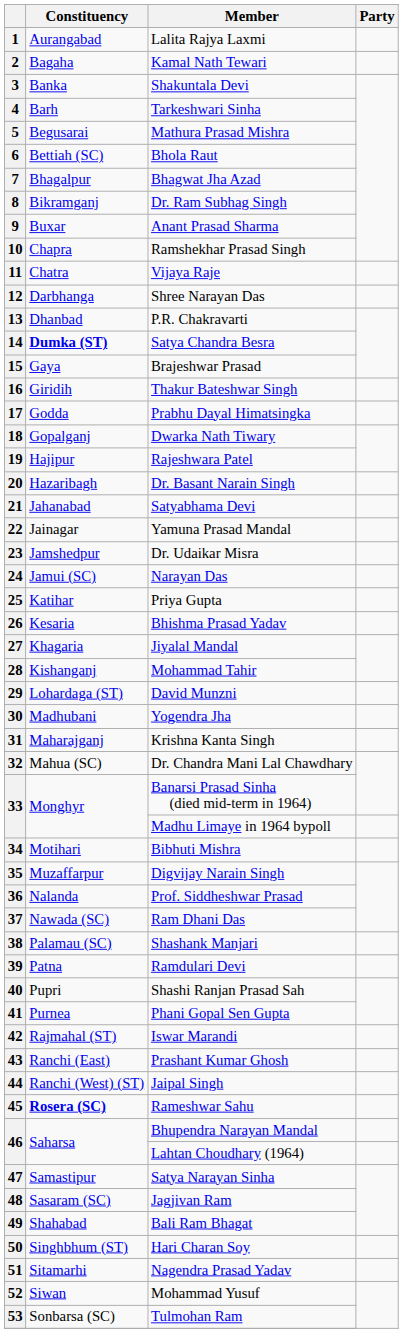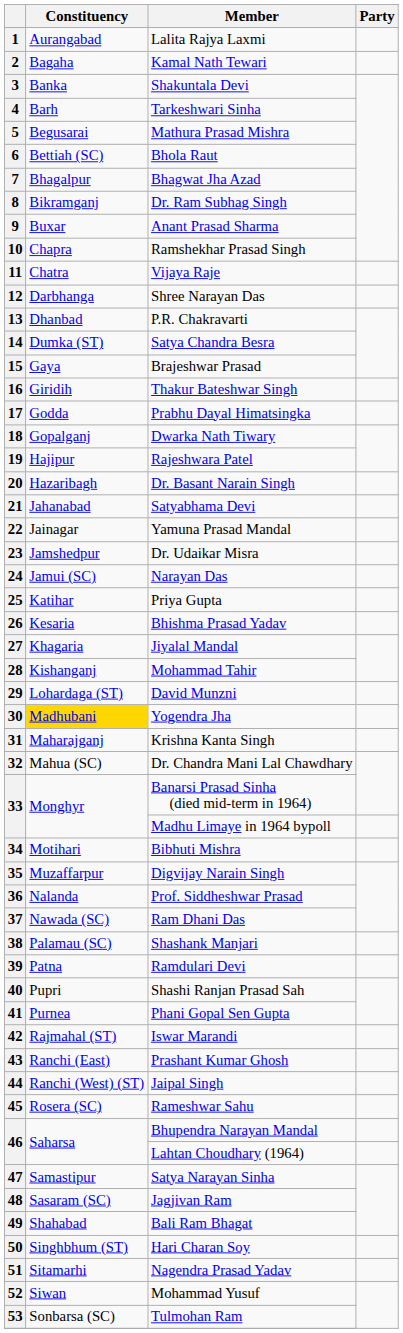 <table class="wikitable sortable">
 <tr>
 <th></th>
 <th>Constituency</th>
 <th>Member</th>
 <th colspan=2>Party</th>
 </tr>
 <tr>
 <th>1</th>
 <td><a href='#'>Aurangabad</a></td>
 <td>Lalita Rajya Laxmi</td>
 <td></td>
 </tr>
 <tr>
 <th>2</th>
 <td><a href='#'>Bagaha</a></td>
 <td><a href='#'>Kamal Nath Tewari</a></td>
 <td></td>
 </tr>
 <tr>
 <th>3</th>
 <td><a href='#'>Banka</a></td>
 <td><a href='#'>Shakuntala Devi</a></td>
 </tr>
 <tr>
 <th>4</th>
 <td><a href='#'>Barh</a></td>
 <td><a href='#'>Tarkeshwari Sinha</a></td>
 </tr>
 <tr>
 <th>5</th>
 <td><a href='#'>Begusarai</a></td>
 <td><a href='#'>Mathura Prasad Mishra</a></td>
 </tr>
 <tr>
 <th>6</th>
 <td><a href='#'>Bettiah (SC)</a></td>
 <td><a href='#'>Bhola Raut</a></td>
 </tr>
 <tr>
 <th>7</th>
 <td><a href='#'>Bhagalpur</a></td>
 <td><a href='#'>Bhagwat Jha Azad</a></td>
 </tr>
 <tr>
 <th>8</th>
 <td><a href='#'>Bikramganj</a></td>
 <td><a href='#'>Dr. Ram Subhag Singh</a></td>
 </tr>
 <tr>
 <th>9</th>
 <td><a href='#'>Buxar</a></td>
 <td><a href='#'>Anant Prasad Sharma</a></td>
 </tr>
 <tr>
 <th>10</th>
 <td><a href='#'>Chapra</a></td>
 <td>Ramshekhar Prasad Singh</td>
 </tr>
 <tr>
 <th>11</th>
 <td><a href='#'>Chatra</a></td>
 <td><a href='#'>Vijaya Raje</a></td>
 <td></td>
 </tr>
 <tr>
 <th>12</th>
 <td><a href='#'>Darbhanga</a></td>
 <td>Shree Narayan Das</td>
 <td></td>
 </tr>
 <tr>
 <th>13</th>
 <td><a href='#'>Dhanbad</a></td>
 <td>P.R. Chakravarti</td>
 </tr>
 <tr>
 <th>14</th>
-<td><strong><a href='#'>Dumka (ST)</a></strong></td>
+<td><a href='#'>Dumka (ST)</a></td>
 <td><a href='#'>Satya Chandra Besra</a></td>
 </tr>
 <tr>
 <th>15</th>
 <td><a href='#'>Gaya</a></td>
 <td>Brajeshwar Prasad</td>
 </tr>
 <tr>
 <th>16</th>
 <td><a href='#'>Giridih</a></td>
 <td><a href='#'>Thakur Bateshwar Singh</a></td>
 <td></td>
 </tr>
 <tr>
 <th>17</th>
 <td><a href='#'>Godda</a></td>
 <td><a href='#'>Prabhu Dayal Himatsingka</a></td>
 <td></td>
 </tr>
 <tr>
 <th>18</th>
 <td><a href='#'>Gopalganj</a></td>
 <td><a href='#'>Dwarka Nath Tiwary</a></td>
 </tr>
 <tr>
 <th>19</th>
 <td><a href='#'>Hajipur</a></td>
 <td><a href='#'>Rajeshwara Patel</a></td>
 </tr>
 <tr>
 <th>20</th>
 <td><a href='#'>Hazaribagh</a></td>
 <td><a href='#'>Dr. Basant Narain Singh</a></td>
 <td></td>
 </tr>
 <tr>
 <th>21</th>
 <td><a href='#'>Jahanabad</a></td>
 <td><a href='#'>Satyabhama Devi</a></td>
 <td></td>
 </tr>
 <tr>
 <th>22</th>
 <td>Jainagar</td>
 <td>Yamuna Prasad Mandal</td>
 </tr>
 <tr>
 <th>23</th>
 <td><a href='#'>Jamshedpur</a></td>
 <td>Dr. Udaikar Misra</td>
 <td></td>
 </tr>
 <tr>
 <th>24</th>
 <td><a href='#'>Jamui (SC)</a></td>
 <td><a href='#'>Narayan Das</a></td>
 <td></td>
 </tr>
 <tr>
 <th>25</th>
 <td><a href='#'>Katihar</a></td>
 <td>Priya Gupta</td>
 <td></td>
 </tr>
 <tr>
 <th>26</th>
 <td><a href='#'>Kesaria</a></td>
 <td><a href='#'>Bhishma Prasad Yadav</a></td>
 <td></td>
 </tr>
 <tr>
 <th>27</th>
 <td><a href='#'>Khagaria</a></td>
 <td><a href='#'>Jiyalal Mandal</a></td>
 </tr>
 <tr>
 <th>28</th>
 <td><a href='#'>Kishanganj</a></td>
 <td><a href='#'>Mohammad Tahir</a></td>
 </tr>
 <tr>
 <th>29</th>
 <td><a href='#'>Lohardaga (ST)</a></td>
 <td><a href='#'>David Munzni</a></td>
 <td></td>
 </tr>
 <tr>
 <th>30</th>
-<td><a href='#'>Madhubani</a></td>
+<td style="background: gold;"><a href='#'>Madhubani</a></td>
 <td><a href='#'>Yogendra Jha</a></td>
 <td></td>
 </tr>
 <tr>
 <th>31</th>
 <td><a href='#'>Maharajganj</a></td>
 <td>Krishna Kanta Singh</td>
 <td></td>
 </tr>
 <tr>
 <th>32</th>
 <td>Mahua (SC)</td>
 <td>Dr. Chandra Mani Lal Chawdhary</td>
 </tr>
 <tr>
 <th rowspan=2>33</th>
 <td rowspan=2><a href='#'>Monghyr</a></td>
 <td><a href='#'>Banarsi Prasad Sinha</a> <br>     (died mid-term in 1964)</td>
 </tr>
 <tr>
 <td><a href='#'>Madhu Limaye</a> in 1964 bypoll</td>
 <td></td>
 </tr>
 <tr>
 <th>34</th>
 <td><a href='#'>Motihari</a></td>
 <td><a href='#'>Bibhuti Mishra</a></td>
 <td></td>
 </tr>
 <tr>
 <th>35</th>
 <td><a href='#'>Muzaffarpur</a></td>
 <td><a href='#'>Digvijay Narain Singh</a></td>
 </tr>
 <tr>
 <th>36</th>
 <td><a href='#'>Nalanda</a></td>
 <td><a href='#'>Prof. Siddheshwar Prasad</a></td>
 </tr>
 <tr>
 <th>37</th>
 <td><a href='#'>Nawada (SC)</a></td>
 <td><a href='#'>Ram Dhani Das</a></td>
 </tr>
 <tr>
 <th>38</th>
 <td><a href='#'>Palamau (SC)</a></td>
 <td><a href='#'>Shashank Manjari</a></td>
 <td></td>
 </tr>
 <tr>
 <th>39</th>
 <td><a href='#'>Patna</a></td>
 <td><a href='#'>Ramdulari Devi</a></td>
 <td></td>
 </tr>
 <tr>
 <th>40</th>
 <td>Pupri</td>
 <td>Shashi Ranjan Prasad Sah</td>
 </tr>
 <tr>
 <th>41</th>
 <td><a href='#'>Purnea</a></td>
 <td><a href='#'>Phani Gopal Sen Gupta</a></td>
 </tr>
 <tr>
 <th>42</th>
 <td><a href='#'>Rajmahal (ST)</a></td>
 <td><a href='#'>Iswar Marandi</a></td>
 <td></td>
 </tr>
 <tr>
 <th>43</th>
 <td><a href='#'>Ranchi (East)</a></td>
 <td><a href='#'>Prashant Kumar Ghosh</a></td>
 <td></td>
 </tr>
 <tr>
 <th>44</th>
 <td><a href='#'>Ranchi (West) (ST)</a></td>
 <td><a href='#'>Jaipal Singh</a></td>
 <td></td>
 </tr>
 <tr>
 <th>45</th>
-<td><strong><a href='#'>Rosera (SC)</a></strong></td>
+<td><a href='#'>Rosera (SC)</a></td>
 <td><a href='#'>Rameshwar Sahu</a></td>
 <td></td>
 </tr>
 <tr>
 <th rowspan=2>46</th>
 <td rowspan=2><a href='#'>Saharsa</a></td>
 <td><a href='#'>Bhupendra Narayan Mandal</a></td>
 <td></td>
 </tr>
 <tr>
 <td><a href='#'>Lahtan Choudhary</a> (1964)</td>
 <td></td>
 </tr>
 <tr>
 <th>47</th>
 <td><a href='#'>Samastipur</a></td>
 <td><a href='#'>Satya Narayan Sinha</a></td>
 </tr>
 <tr>
 <th>48</th>
 <td><a href='#'>Sasaram (SC)</a></td>
 <td><a href='#'>Jagjivan Ram</a></td>
 </tr>
 <tr>
 <th>49</th>
 <td><a href='#'>Shahabad</a></td>
 <td><a href='#'>Bali Ram Bhagat</a></td>
 </tr>
 <tr>
 <th>50</th>
 <td><a href='#'>Singhbhum (ST)</a></td>
 <td><a href='#'>Hari Charan Soy</a></td>
 <td></td>
 </tr>
 <tr>
 <th>51</th>
 <td><a href='#'>Sitamarhi</a></td>
 <td><a href='#'>Nagendra Prasad Yadav</a></td>
 <td></td>
 </tr>
 <tr>
 <th>52</th>
 <td><a href='#'>Siwan</a></td>
 <td>Mohammad Yusuf</td>
 </tr>
 <tr>
 <th>53</th>
 <td>Sonbarsa (SC)</td>
 <td><a href='#'>Tulmohan Ram</a></td>
 </tr>
 <tr>
 </tr>
 </table>
